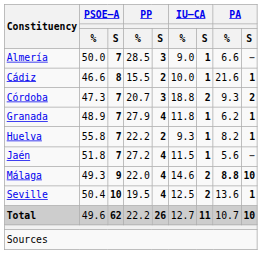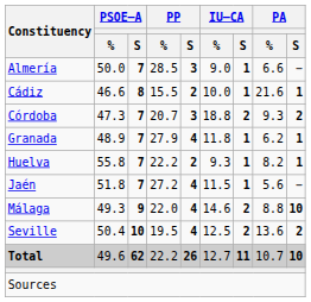 <table class="wikitable sortable" style="text-align:right; line-height:20px;">
 <tr>
 <th rowspan="3">Constituency</th>
 <th colspan="2" width="30px" class="unsortable"><a href='#'>PSOE–A</a></th>
 <th colspan="2" width="30px" class="unsortable"><a href='#'>PP</a></th>
 <th colspan="2" width="30px" class="unsortable"><a href='#'>IU–CA</a></th>
 <th colspan="2" width="30px" class="unsortable"><a href='#'>PA</a></th>
 </tr>
 <tr>
 <th colspan="2" style="background:"></th>
 <th colspan="2" style="background:"></th>
 <th colspan="2" style="background:"></th>
 <th colspan="2" style="background:"></th>
 </tr>
 <tr>
 <th data-sort-type="number">%</th>
 <th data-sort-type="number">S</th>
 <th data-sort-type="number">%</th>
 <th data-sort-type="number">S</th>
 <th data-sort-type="number">%</th>
 <th data-sort-type="number">S</th>
 <th data-sort-type="number">%</th>
 <th data-sort-type="number">S</th>
 </tr>
 <tr>
 <td align="left"><a href='#'>Almería</a></td>
 <td style="background:">50.0</td>
 <td><strong>7</strong></td>
 <td>28.5</td>
 <td><strong>3</strong></td>
 <td>9.0</td>
 <td><strong>1</strong></td>
 <td>6.6</td>
 <td>−</td>
 </tr>
 <tr>
 <td align="left"><a href='#'>Cádiz</a></td>
 <td style="background:">46.6</td>
 <td><strong>8</strong></td>
 <td>15.5</td>
 <td><strong>2</strong></td>
 <td>10.0</td>
 <td><strong>1</strong></td>
 <td>21.6</td>
 <td><strong>1</strong></td>
 </tr>
 <tr>
 <td align="left"><a href='#'>Córdoba</a></td>
 <td style="background:">47.3</td>
 <td><strong>7</strong></td>
 <td>20.7</td>
 <td><strong>3</strong></td>
 <td>18.8</td>
 <td><strong>2</strong></td>
 <td>9.3</td>
 <td><strong>2</strong></td>
 </tr>
 <tr>
 <td align="left"><a href='#'>Granada</a></td>
 <td style="background:">48.9</td>
 <td><strong>7</strong></td>
 <td>27.9</td>
 <td><strong>4</strong></td>
 <td>11.8</td>
 <td><strong>1</strong></td>
 <td>6.2</td>
 <td><strong>1</strong></td>
 </tr>
 <tr>
 <td align="left"><a href='#'>Huelva</a></td>
 <td style="background:">55.8</td>
 <td><strong>7</strong></td>
 <td>22.2</td>
 <td><strong>2</strong></td>
 <td>9.3</td>
 <td><strong>1</strong></td>
 <td>8.2</td>
 <td><strong>1</strong></td>
 </tr>
 <tr>
 <td align="left"><a href='#'>Jaén</a></td>
 <td style="background:">51.8</td>
 <td><strong>7</strong></td>
 <td>27.2</td>
 <td><strong>4</strong></td>
 <td>11.5</td>
 <td><strong>1</strong></td>
 <td>5.6</td>
 <td>−</td>
 </tr>
 <tr>
 <td align="left"><a href='#'>Málaga</a></td>
 <td style="background:">49.3</td>
 <td><strong>9</strong></td>
 <td>22.0</td>
 <td><strong>4</strong></td>
 <td>14.6</td>
 <td><strong>2</strong></td>
-<td><strong>8.8</strong></td>
+<td>8.8</td>
 <td><strong>10</strong></td>
 </tr>
 <tr>
 <td align="left"><a href='#'>Seville</a></td>
 <td style="background:">50.4</td>
 <td><strong>10</strong></td>
 <td>19.5</td>
 <td><strong>4</strong></td>
 <td>12.5</td>
 <td><strong>2</strong></td>
 <td>13.6</td>
-<td><strong>1</strong></td>
+<td><strong>2</strong></td>
 </tr>
 <tr style="background:#CDCDCD;">
 <td align="left"><strong>Total</strong></td>
 <td style="background:">49.6</td>
 <td><strong>62</strong></td>
 <td>22.2</td>
 <td><strong>26</strong></td>
 <td>12.7</td>
 <td><strong>11</strong></td>
 <td>10.7</td>
 <td><strong>10</strong></td>
 </tr>
 <tr>
 <th colspan="9"></th>
 </tr>
 <tr>
 <th style="text-align:left; font-weight:normal; background:#F9F9F9" colspan="9">Sources</th>
 </tr>
 </table>
